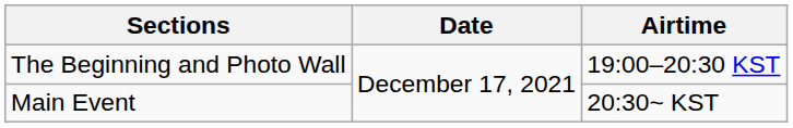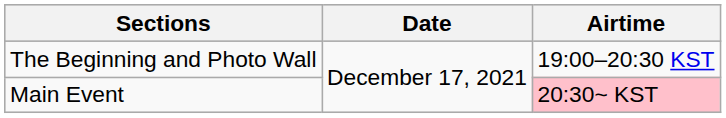 <table class="wikitable" style = "font-size: 90%;">
 <tr>
 <th>Sections</th>
 <th>Date</th>
 <th>Airtime</th>
 </tr>
 <tr>
 <td>The Beginning and Photo Wall</td>
 <td rowspan="2">December 17, 2021</td>
 <td>19:00–20:30 <a href='#'>KST</a></td>
 </tr>
 <tr>
 <td>Main Event</td>
-<td>20:30~ KST</td>
+<td style="background: pink;">20:30~ KST</td>
 </tr>
 </table>
